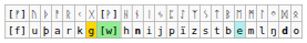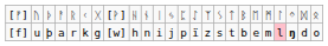 <table class="wikitable" style="margin-left: 1em;">
 <tr class="script-runic">
 <td>[ᚠ]</td>
 <td>ᚢ</td>
 <td>ᚦ</td>
 <td>ᚨ</td>
 <td>ᚱ</td>
 <td>ᚲ</td>
 <td>ᚷ</td>
 <td>[ᚹ]</td>
 <td>ᚺ</td>
 <td>ᚾ</td>
 <td>ᛁ</td>
 <td>ᛃ</td>
 <td>ᛈ</td>
 <td>ᛇ</td>
 <td>ᛉ</td>
 <td>ᛊ</td>
 <td>ᛏ</td>
 <td>ᛒ</td>
 <td>ᛖ</td>
 <td>ᛗ</td>
 <td>ᛚ</td>
 <td>ᛜ</td>
 <td>ᛞ</td>
 <td>ᛟ</td>
 </tr>
 <tr style="text-align: center;">
 <td>[f]</td>
 <td>u</td>
 <td>þ</td>
 <td>a</td>
 <td>r</td>
 <td>k</td>
-<td style="background: gold;">g</td>
-<td style="background: lightgreen;">[w]</td>
+<td>g</td>
+<td>[w]</td>
 <td>h</td>
-<td><strong>n</strong></td>
+<td>n</td>
 <td>i</td>
 <td>j</td>
 <td>p</td>
 <td>ï</td>
 <td>z</td>
 <td>s</td>
 <td>t</td>
 <td>b</td>
-<td style="background: paleturquoise;">e</td>
+<td>e</td>
 <td>m</td>
-<td>l</td>
-<td>ŋ</td>
-<td><strong>d</strong></td>
+<td style="background: pink;">l</td>
+<td><strong>ŋ</strong></td>
+<td>d</td>
 <td>o</td>
 </tr>
 </table>
